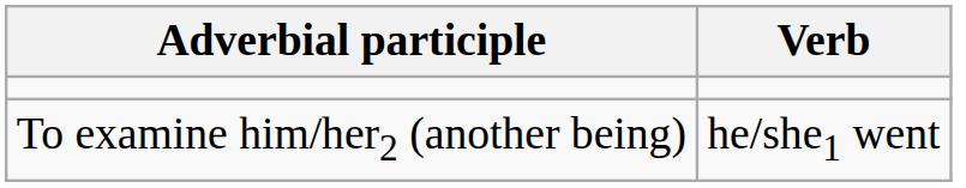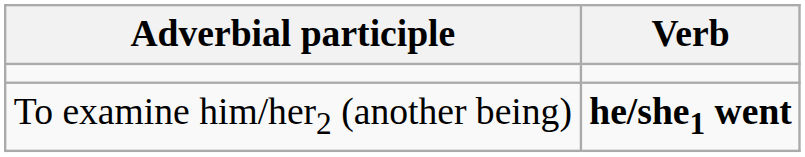 <table class="wikitable">
 <tr>
 <th>Adverbial participle</th>
 <th>Verb</th>
 </tr>
 <tr>
 <td></td>
 <td></td>
 </tr>
 <tr>
 <td>To examine him/her<sub>2</sub> (another being)</td>
-<td>he/she<sub>1</sub> went</td>
+<td><strong>he/she<sub>1</sub> went</strong></td>
 </tr>
 </table>
